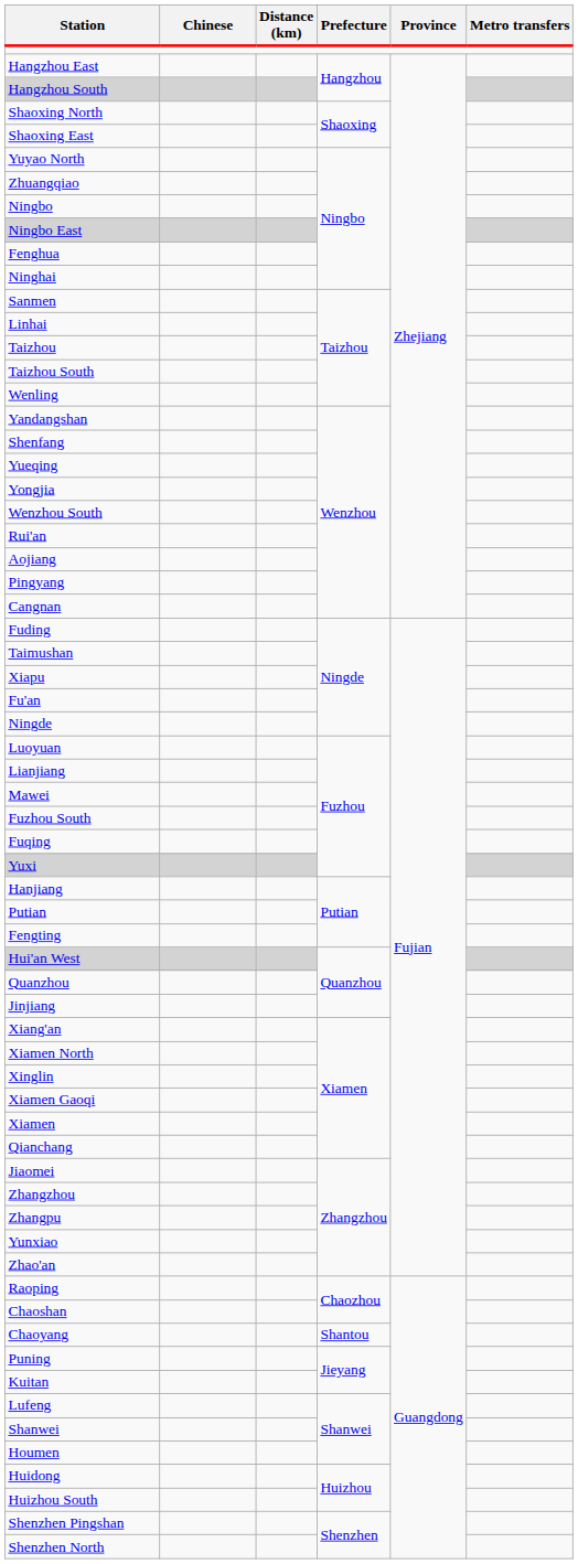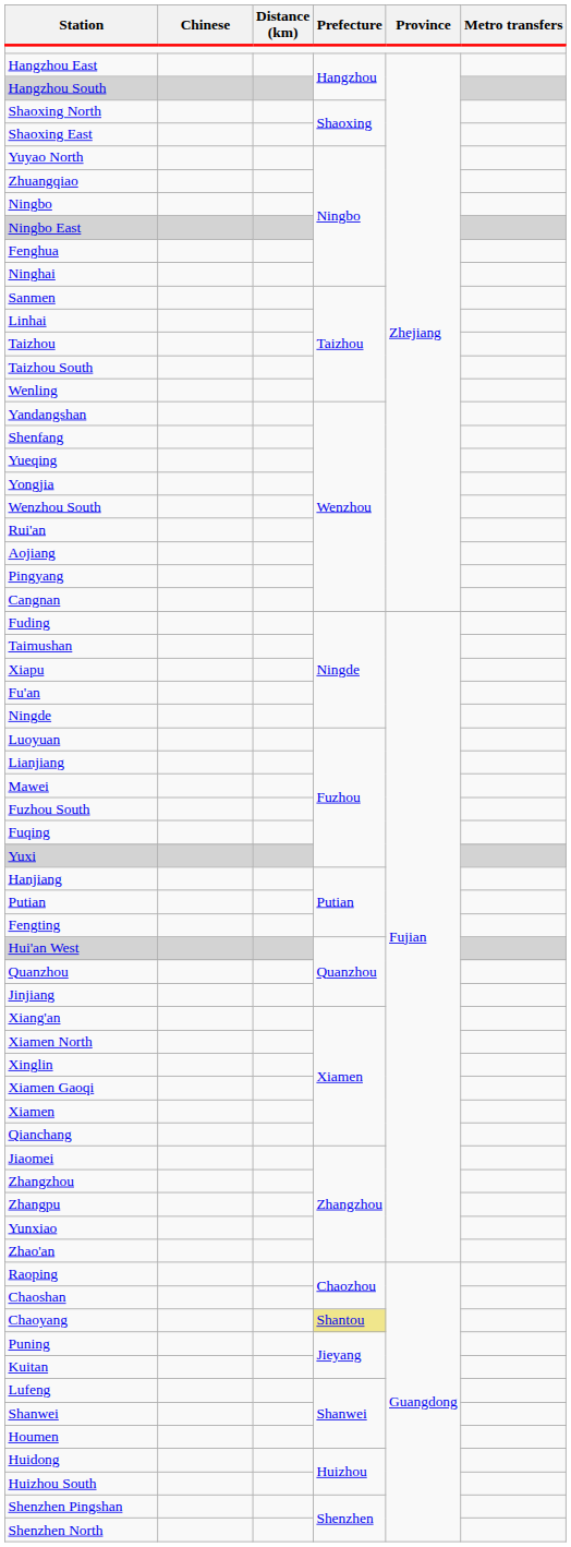 <table class="wikitable" rules="all">
 <tr>
 <th style="width:10em; border-bottom:3px solid red;">Station</th>
 <th style="width:6em; border-bottom:3px solid red;">Chinese</th>
 <th style="width:2.5em; border-bottom:3px solid red;">Distance<br>(km)</th>
 <th style="border-bottom:3px solid red;" colspan=>Prefecture</th>
 <th style="border-bottom:3px solid red;" colspan=>Province</th>
 <th style="border-bottom:3px solid red;" colspan=>Metro transfers</th>
 </tr>
 <tr>
 <td colspan=9></td>
 </tr>
 <tr>
 <td><a href='#'>Hangzhou East</a></td>
 <td></td>
 <td align=right></td>
 <td rowspan="2"><a href='#'>Hangzhou</a></td>
 <td rowspan="24"><a href='#'>Zhejiang</a></td>
 <td>  </td>
 </tr>
 <tr bgcolor= lightgrey>
 <td><a href='#'>Hangzhou South</a></td>
 <td></td>
 <td align=right></td>
 <td> </td>
 </tr>
 <tr>
 <td><a href='#'>Shaoxing North</a></td>
 <td></td>
 <td align=right></td>
 <td rowspan="2"><a href='#'>Shaoxing</a></td>
 <td></td>
 </tr>
 <tr>
 <td><a href='#'>Shaoxing East</a></td>
 <td></td>
 <td align=right></td>
 <td></td>
 </tr>
 <tr>
 <td><a href='#'>Yuyao North</a></td>
 <td></td>
 <td align=right></td>
 <td rowspan="6"><a href='#'>Ningbo</a></td>
 <td></td>
 </tr>
 <tr>
 <td><a href='#'>Zhuangqiao</a></td>
 <td></td>
 <td align=right></td>
 <td></td>
 </tr>
 <tr>
 <td><a href='#'>Ningbo</a></td>
 <td></td>
 <td align=right></td>
 <td>  </td>
 </tr>
 <tr bgcolor= lightgrey>
 <td><a href='#'>Ningbo East</a></td>
 <td></td>
 <td align=right></td>
 <td></td>
 </tr>
 <tr>
 <td><a href='#'>Fenghua</a></td>
 <td></td>
 <td align=right></td>
 <td></td>
 </tr>
 <tr>
 <td><a href='#'>Ninghai</a></td>
 <td></td>
 <td align=right></td>
 <td></td>
 </tr>
 <tr>
 <td><a href='#'>Sanmen</a></td>
 <td></td>
 <td align=right></td>
 <td rowspan="5"><a href='#'>Taizhou</a></td>
 <td></td>
 </tr>
 <tr>
 <td><a href='#'>Linhai</a></td>
 <td></td>
 <td align=right></td>
 <td></td>
 </tr>
 <tr>
 <td><a href='#'>Taizhou</a></td>
 <td></td>
 <td align=right></td>
 <td></td>
 </tr>
 <tr>
 <td><a href='#'>Taizhou South</a></td>
 <td></td>
 <td align=right></td>
 <td></td>
 </tr>
 <tr>
 <td><a href='#'>Wenling</a></td>
 <td></td>
 <td align=right></td>
 <td></td>
 </tr>
 <tr>
 <td><a href='#'>Yandangshan</a></td>
 <td></td>
 <td align=right></td>
 <td rowspan="9"><a href='#'>Wenzhou</a></td>
 <td></td>
 </tr>
 <tr>
 <td><a href='#'>Shenfang</a></td>
 <td></td>
 <td align=right></td>
 <td></td>
 </tr>
 <tr>
 <td><a href='#'>Yueqing</a></td>
 <td></td>
 <td align=right></td>
 <td></td>
 </tr>
 <tr>
 <td><a href='#'>Yongjia</a></td>
 <td></td>
 <td align=right></td>
 <td></td>
 </tr>
 <tr>
 <td><a href='#'>Wenzhou South</a></td>
 <td></td>
 <td align=right></td>
 <td></td>
 </tr>
 <tr>
 <td><a href='#'>Rui'an</a></td>
 <td></td>
 <td align=right></td>
 <td></td>
 </tr>
 <tr>
 <td><a href='#'>Aojiang</a></td>
 <td></td>
 <td align=right></td>
 <td></td>
 </tr>
 <tr>
 <td><a href='#'>Pingyang</a></td>
 <td></td>
 <td align=right></td>
 <td></td>
 </tr>
 <tr>
 <td><a href='#'>Cangnan</a></td>
 <td></td>
 <td align=right></td>
 <td></td>
 </tr>
 <tr>
 <td><a href='#'>Fuding</a></td>
 <td></td>
 <td align=right></td>
 <td rowspan="5"><a href='#'>Ningde</a></td>
 <td rowspan="28"><a href='#'>Fujian</a></td>
 <td></td>
 </tr>
 <tr>
 <td><a href='#'>Taimushan</a></td>
 <td></td>
 <td align=right></td>
 <td></td>
 </tr>
 <tr>
 <td><a href='#'>Xiapu</a></td>
 <td></td>
 <td align=right></td>
 <td></td>
 </tr>
 <tr>
 <td><a href='#'>Fu'an</a></td>
 <td></td>
 <td align=right></td>
 <td></td>
 </tr>
 <tr>
 <td><a href='#'>Ningde</a></td>
 <td></td>
 <td align=right></td>
 <td></td>
 </tr>
 <tr>
 <td><a href='#'>Luoyuan</a></td>
 <td></td>
 <td align=right></td>
 <td rowspan="6"><a href='#'>Fuzhou</a></td>
 <td></td>
 </tr>
 <tr>
 <td><a href='#'>Lianjiang</a></td>
 <td></td>
 <td align=right></td>
 <td></td>
 </tr>
 <tr>
 <td><a href='#'>Mawei</a></td>
 <td></td>
 <td align=right></td>
 <td></td>
 </tr>
 <tr>
 <td><a href='#'>Fuzhou South</a></td>
 <td></td>
 <td align=right></td>
 <td> </td>
 </tr>
 <tr>
 <td><a href='#'>Fuqing</a></td>
 <td></td>
 <td align=right></td>
 <td></td>
 </tr>
 <tr bgcolor= lightgrey>
 <td><a href='#'>Yuxi</a></td>
 <td></td>
 <td align=right></td>
 <td></td>
 </tr>
 <tr>
 <td><a href='#'>Hanjiang</a></td>
 <td></td>
 <td align=right></td>
 <td rowspan="3"><a href='#'>Putian</a></td>
 <td></td>
 </tr>
 <tr>
 <td><a href='#'>Putian</a></td>
 <td></td>
 <td align=right></td>
 <td></td>
 </tr>
 <tr>
 <td><a href='#'>Fengting</a></td>
 <td></td>
 <td align=right></td>
 <td></td>
 </tr>
 <tr>
 <td bgcolor="lightgrey"><a href='#'>Hui'an West</a></td>
 <td bgcolor="lightgrey"></td>
 <td align=right bgcolor="lightgrey"></td>
 <td rowspan="3"><a href='#'>Quanzhou</a></td>
 <td bgcolor="lightgrey"></td>
 </tr>
 <tr>
 <td><a href='#'>Quanzhou</a></td>
 <td></td>
 <td align=right></td>
 <td></td>
 </tr>
 <tr>
 <td><a href='#'>Jinjiang</a></td>
 <td></td>
 <td align=right></td>
 <td></td>
 </tr>
 <tr>
 <td><a href='#'>Xiang'an</a></td>
 <td></td>
 <td align=right></td>
 <td rowspan="6"><a href='#'>Xiamen</a></td>
 <td></td>
 </tr>
 <tr>
 <td><a href='#'>Xiamen North</a></td>
 <td></td>
 <td align=right></td>
 <td>   </td>
 </tr>
 <tr>
 <td><a href='#'>Xinglin</a></td>
 <td></td>
 <td align=right></td>
 <td></td>
 </tr>
 <tr>
 <td><a href='#'>Xiamen Gaoqi</a></td>
 <td></td>
 <td align=right></td>
 <td></td>
 </tr>
 <tr>
 <td><a href='#'>Xiamen</a></td>
 <td></td>
 <td align=right></td>
 <td>  <br></td>
 </tr>
 <tr>
 <td><a href='#'>Qianchang</a></td>
 <td></td>
 <td align=right></td>
 <td></td>
 </tr>
 <tr>
 <td><a href='#'>Jiaomei</a></td>
 <td></td>
 <td align=right></td>
 <td rowspan="5"><a href='#'>Zhangzhou</a></td>
 <td></td>
 </tr>
 <tr>
 <td><a href='#'>Zhangzhou</a></td>
 <td></td>
 <td align=right></td>
 <td></td>
 </tr>
 <tr>
 <td><a href='#'>Zhangpu</a></td>
 <td></td>
 <td align=right></td>
 <td></td>
 </tr>
 <tr>
 <td><a href='#'>Yunxiao</a></td>
 <td></td>
 <td align=right></td>
 <td></td>
 </tr>
 <tr>
 <td><a href='#'>Zhao'an</a></td>
 <td></td>
 <td align=right></td>
 <td></td>
 </tr>
 <tr>
 <td><a href='#'>Raoping</a></td>
 <td></td>
 <td align=right></td>
 <td rowspan="2"><a href='#'>Chaozhou</a></td>
 <td rowspan="12"><a href='#'>Guangdong</a></td>
 <td></td>
 </tr>
 <tr>
 <td><a href='#'>Chaoshan</a></td>
 <td></td>
 <td align=right></td>
 <td></td>
 </tr>
 <tr>
 <td><a href='#'>Chaoyang</a></td>
 <td></td>
 <td align=right></td>
-<td><a href='#'>Shantou</a></td>
+<td style="background: khaki;"><a href='#'>Shantou</a></td>
 <td></td>
 </tr>
 <tr>
 <td><a href='#'>Puning</a></td>
 <td></td>
 <td align=right></td>
 <td rowspan="2"><a href='#'>Jieyang</a></td>
 <td></td>
 </tr>
 <tr>
 <td><a href='#'>Kuitan</a></td>
 <td></td>
 <td align=right></td>
 <td></td>
 </tr>
 <tr>
 <td><a href='#'>Lufeng</a></td>
 <td></td>
 <td align=right></td>
 <td rowspan="3"><a href='#'>Shanwei</a></td>
 <td></td>
 </tr>
 <tr>
 <td><a href='#'>Shanwei</a></td>
 <td></td>
 <td align=right></td>
 <td></td>
 </tr>
 <tr>
 <td><a href='#'>Houmen</a></td>
 <td></td>
 <td align=right></td>
 <td></td>
 </tr>
 <tr>
 <td><a href='#'>Huidong</a></td>
 <td></td>
 <td align=right></td>
 <td rowspan="2"><a href='#'>Huizhou</a></td>
 <td></td>
 </tr>
 <tr>
 <td><a href='#'>Huizhou South</a></td>
 <td></td>
 <td align=right></td>
 <td></td>
 </tr>
 <tr>
 <td><a href='#'>Shenzhen Pingshan</a></td>
 <td></td>
 <td align=right></td>
 <td rowspan="2"><a href='#'>Shenzhen</a></td>
 <td></td>
 </tr>
 <tr>
 <td><a href='#'>Shenzhen North</a></td>
 <td></td>
 <td align=right></td>
 <td>   </td>
 </tr>
 </table>
